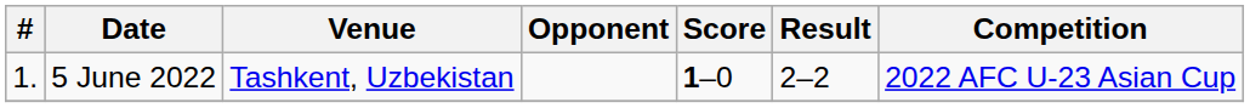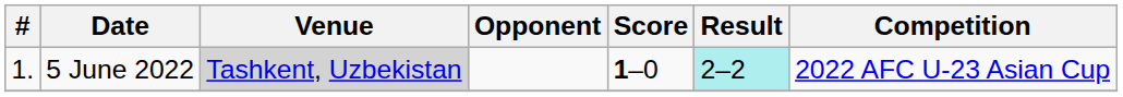 <table class="wikitable">
 <tr>
 <th>#</th>
 <th>Date</th>
 <th>Venue</th>
 <th>Opponent</th>
 <th>Score</th>
 <th>Result</th>
 <th>Competition</th>
 </tr>
 <tr>
 <td>1.</td>
 <td>5 June 2022</td>
-<td><a href='#'>Tashkent</a>, <a href='#'>Uzbekistan</a></td>
+<td style="background: lightgrey;"><a href='#'>Tashkent</a>, <a href='#'>Uzbekistan</a></td>
 <td></td>
 <td><strong>1</strong>–0</td>
-<td>2–2</td>
+<td style="background: paleturquoise;">2–2</td>
 <td><a href='#'>2022 AFC U-23 Asian Cup</a></td>
 </tr>
 <tr>
 </tr>
 </table>
